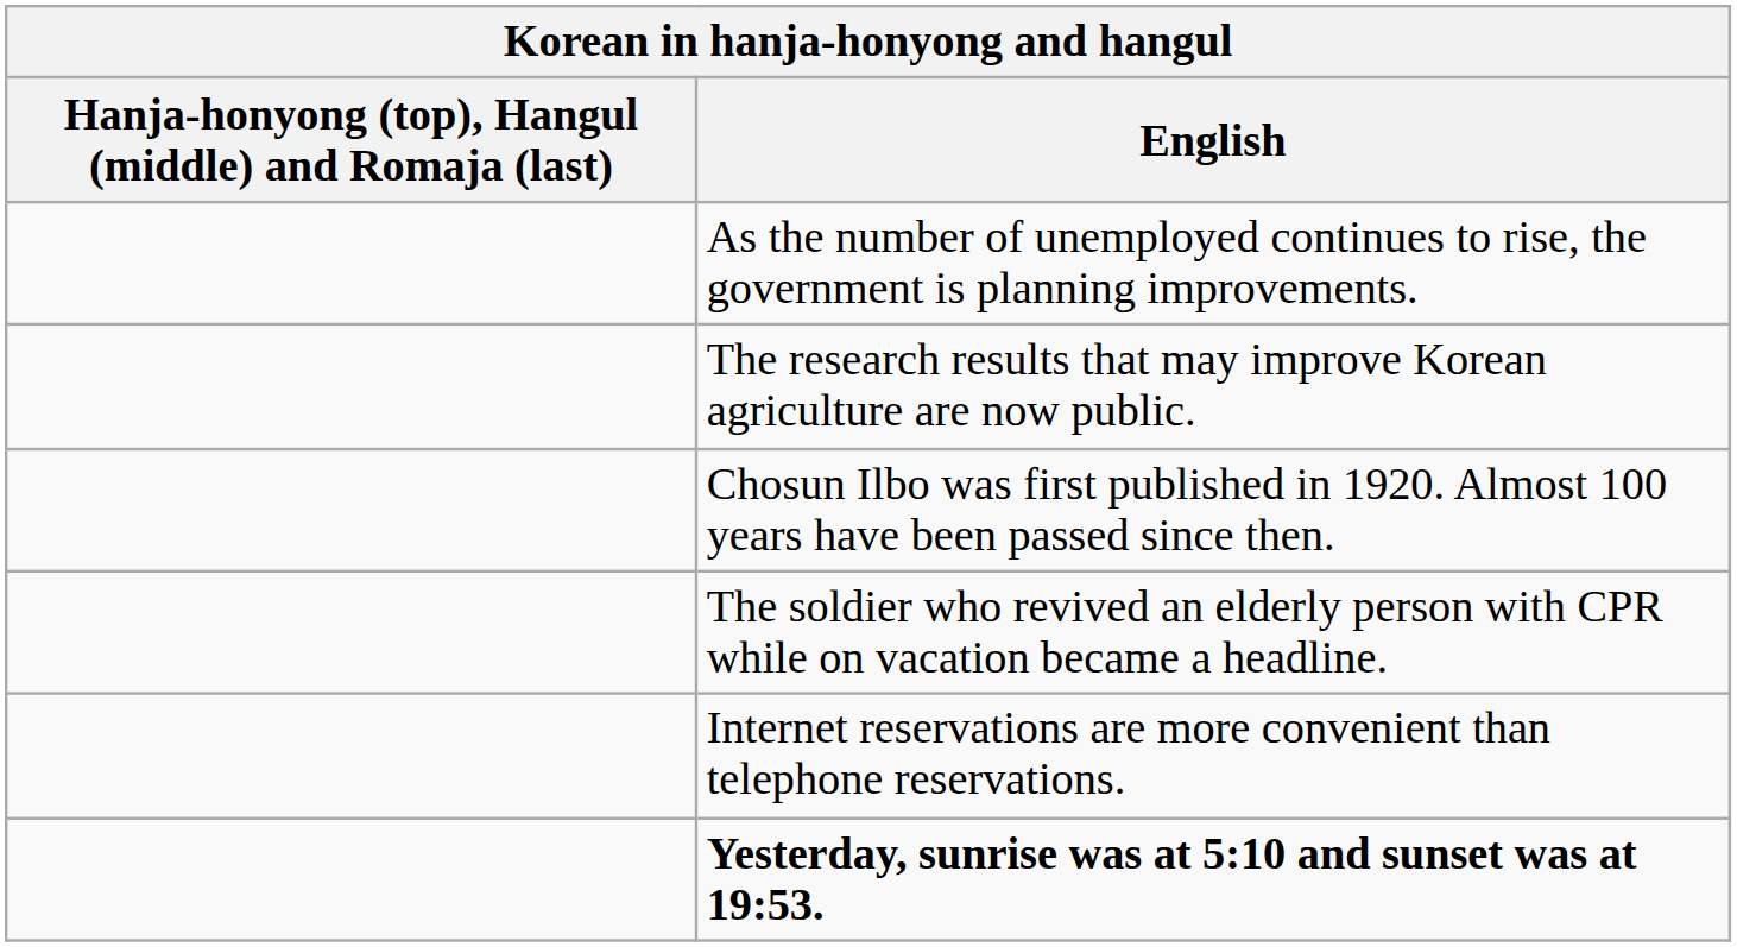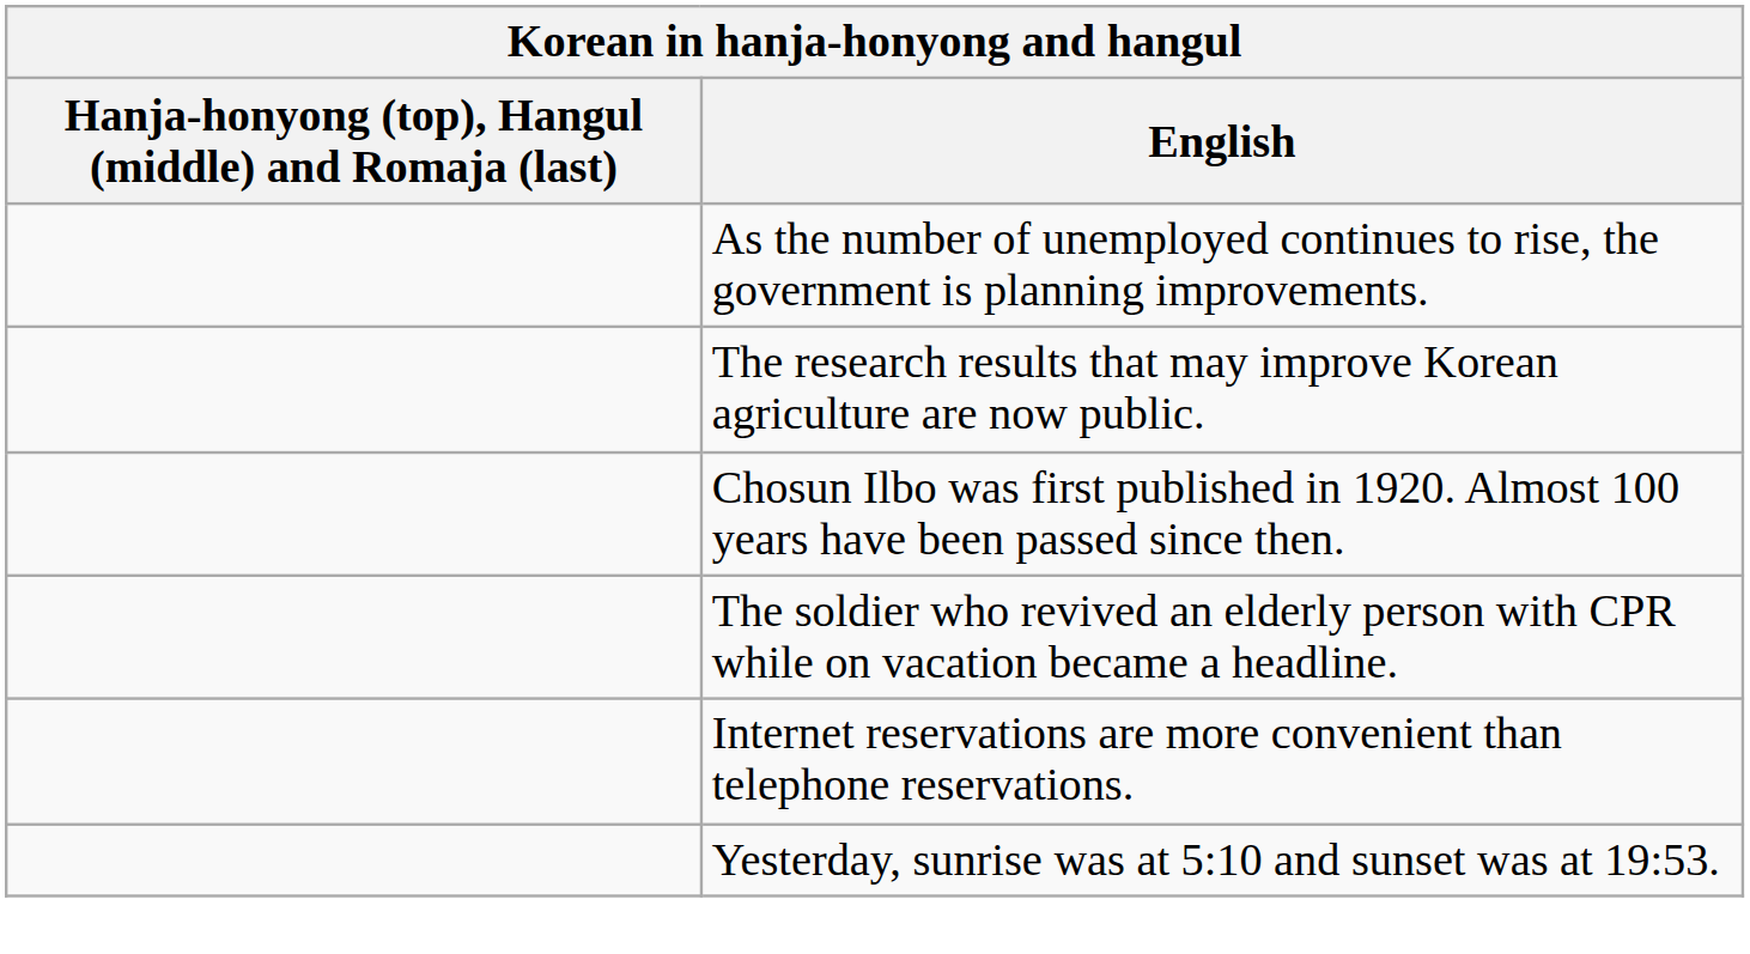 <table class="wikitable">
 <tr>
 <th colspan="4">Korean in hanja-honyong and hangul</th>
 </tr>
 <tr>
 <th>Hanja-honyong (top), Hangul (middle) and Romaja (last)</th>
 <th>English</th>
 </tr>
 <tr>
 <td></td>
 <td>As the number of unemployed continues to rise, the government is planning improvements.</td>
 </tr>
 <tr>
 <td></td>
 <td>The research results that may improve Korean agriculture are now public.</td>
 </tr>
 <tr>
 <td></td>
 <td>Chosun Ilbo was first published in 1920. Almost 100 years have been passed since then.</td>
 </tr>
 <tr>
 <td></td>
 <td>The soldier who revived an elderly person with CPR while on vacation became a headline.</td>
 </tr>
 <tr>
 <td></td>
 <td>Internet reservations are more convenient than telephone reservations.</td>
 </tr>
 <tr>
 <td></td>
-<td><strong>Yesterday, sunrise was at 5:10 and sunset was at 19:53.</strong></td>
+<td>Yesterday, sunrise was at 5:10 and sunset was at 19:53.</td>
 </tr>
 </table>
